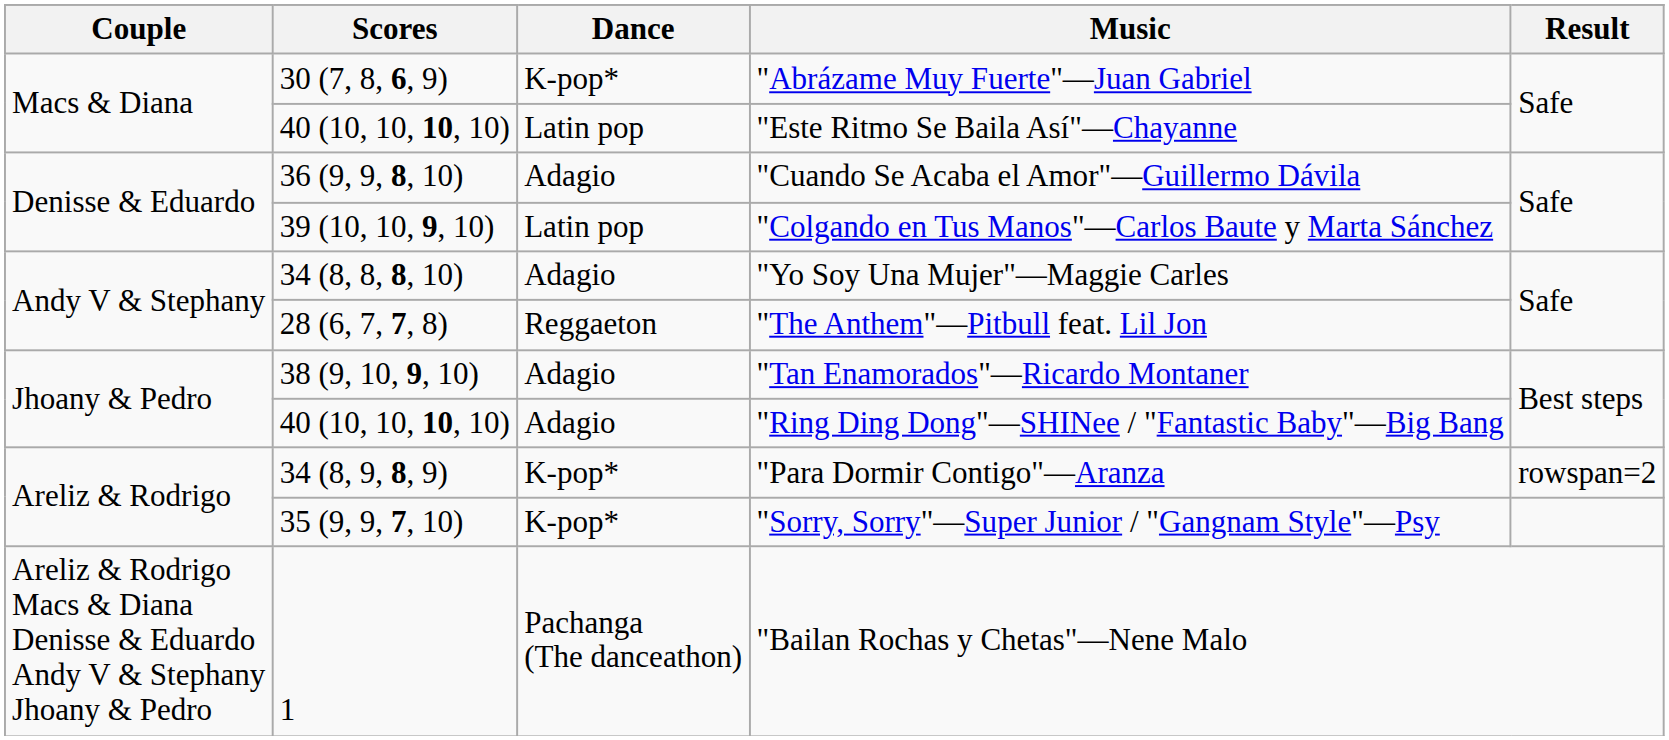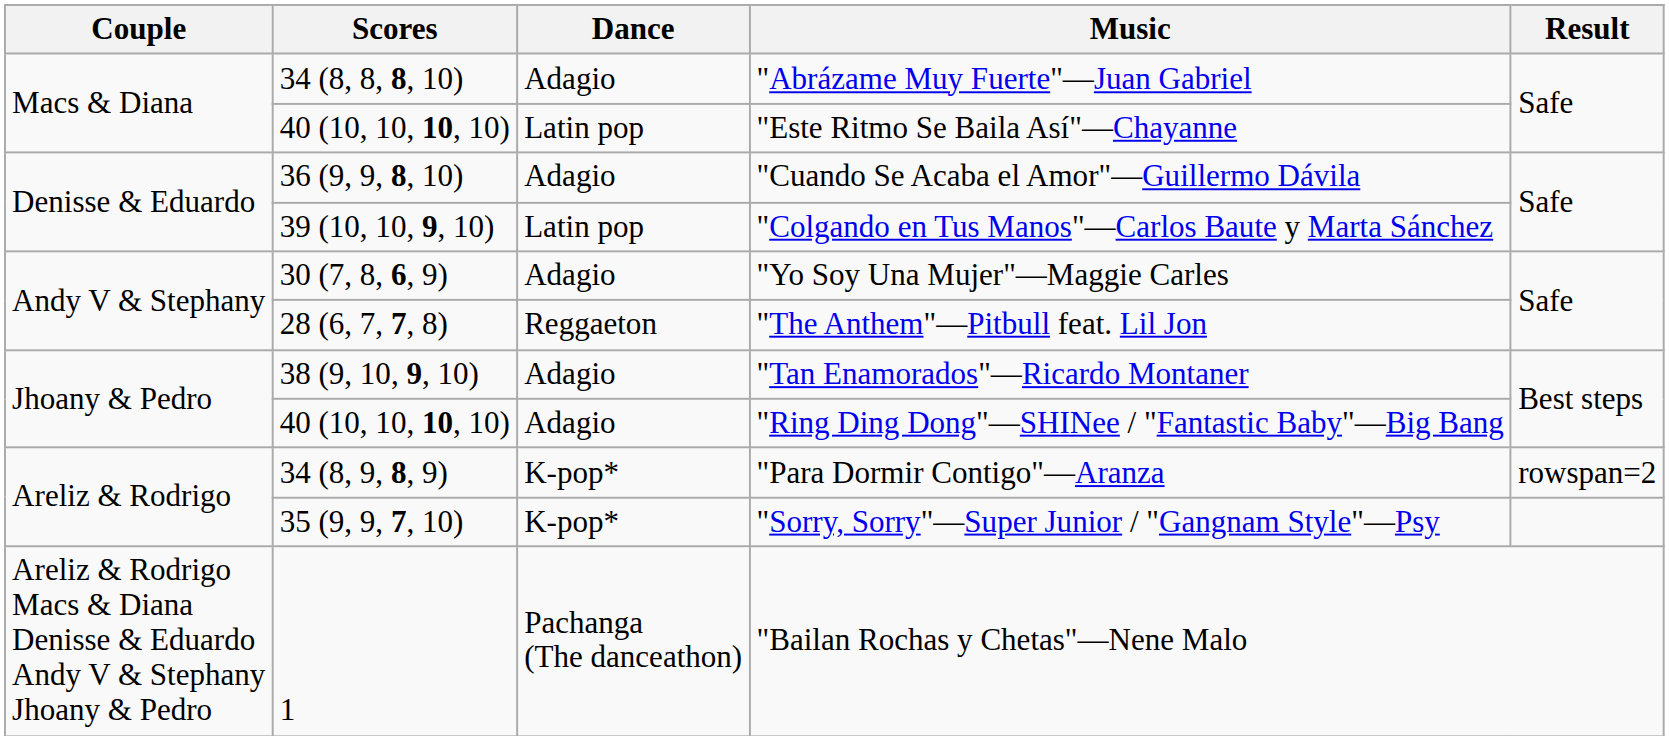 <table class="wikitable sortable" style="width:95%; white-space:nowrap;">
 <tr>
 <th style="width:15%;">Couple</th>
 <th style="width:14%;">Scores</th>
 <th style="width:14%;">Dance</th>
 <th style="width:40%;">Music</th>
 <th style="width:12%;">Result</th>
 </tr>
 <tr>
 <td rowspan=2>Macs & Diana</td>
-<td>30 (7, 8, <strong>6</strong>, 9)</td>
-<td>K-pop*</td>
+<td>34 (8, 8, <strong>8</strong>, 10)</td>
+<td>Adagio</td>
 <td>"<a href='#'>Abrázame Muy Fuerte</a>"—<a href='#'>Juan Gabriel</a></td>
 <td rowspan=2>Safe</td>
 </tr>
 <tr>
 <td>40 (10, 10, <strong>10</strong>, 10)</td>
 <td>Latin pop</td>
 <td>"Este Ritmo Se Baila Así"—<a href='#'>Chayanne</a></td>
 </tr>
 <tr>
 <td rowspan=2>Denisse & Eduardo</td>
 <td>36 (9, 9, <strong>8</strong>, 10)</td>
 <td>Adagio</td>
 <td>"Cuando Se Acaba el Amor"—<a href='#'>Guillermo Dávila</a></td>
 <td rowspan=2>Safe</td>
 </tr>
 <tr>
 <td>39 (10, 10, <strong>9</strong>, 10)</td>
 <td>Latin pop</td>
 <td>"<a href='#'>Colgando en Tus Manos</a>"—<a href='#'>Carlos Baute</a> y <a href='#'>Marta Sánchez</a></td>
 </tr>
 <tr>
 <td rowspan=2>Andy V & Stephany</td>
-<td>34 (8, 8, <strong>8</strong>, 10)</td>
+<td>30 (7, 8, <strong>6</strong>, 9)</td>
 <td>Adagio</td>
 <td>"Yo Soy Una Mujer"—Maggie Carles</td>
 <td rowspan=2>Safe</td>
 </tr>
 <tr>
 <td>28 (6, 7, <strong>7</strong>, 8)</td>
 <td>Reggaeton</td>
 <td>"<a href='#'>The Anthem</a>"—<a href='#'>Pitbull</a> feat. <a href='#'>Lil Jon</a></td>
 </tr>
 <tr>
 <td rowspan=2>Jhoany & Pedro</td>
 <td>38 (9, 10, <strong>9</strong>, 10)</td>
 <td>Adagio</td>
 <td>"<a href='#'>Tan Enamorados</a>"—<a href='#'>Ricardo Montaner</a></td>
 <td rowspan=2>Best steps</td>
 </tr>
 <tr>
 <td>40 (10, 10, <strong>10</strong>, 10)</td>
 <td>Adagio</td>
 <td>"<a href='#'>Ring Ding Dong</a>"—<a href='#'>SHINee</a> / "<a href='#'>Fantastic Baby</a>"—<a href='#'>Big Bang</a></td>
 </tr>
 <tr>
 <td rowspan=2>Areliz & Rodrigo</td>
 <td>34 (8, 9, <strong>8</strong>, 9)</td>
 <td>K-pop*</td>
 <td>"Para Dormir Contigo"—<a href='#'>Aranza</a></td>
 <td>rowspan=2 </td>
 </tr>
 <tr>
 <td>35 (9, 9, <strong>7</strong>, 10)</td>
 <td>K-pop*</td>
 <td>"<a href='#'>Sorry, Sorry</a>"—<a href='#'>Super Junior</a> / "<a href='#'>Gangnam Style</a>"—<a href='#'>Psy</a></td>
 </tr>
 <tr>
 <td>Areliz & Rodrigo<br>Macs & Diana<br>Denisse & Eduardo<br>Andy V & Stephany<br>Jhoany & Pedro</td>
 <td valign="top"><br><br><br><br>1</td>
 <td>Pachanga<br>(The danceathon)</td>
 <td colspan="2">"Bailan Rochas y Chetas"—Nene Malo</td>
 </tr>
 </table>
